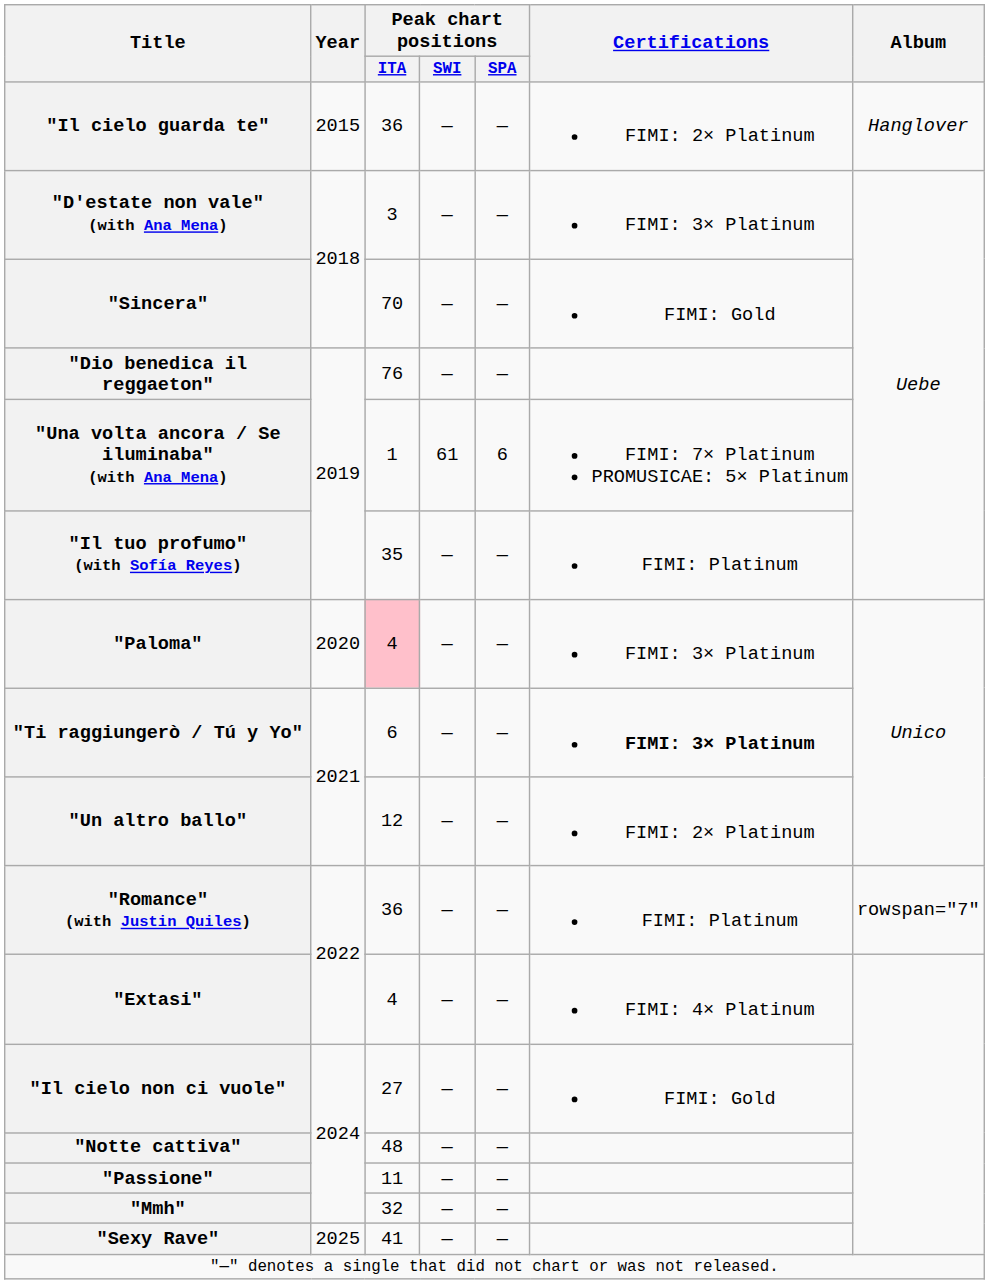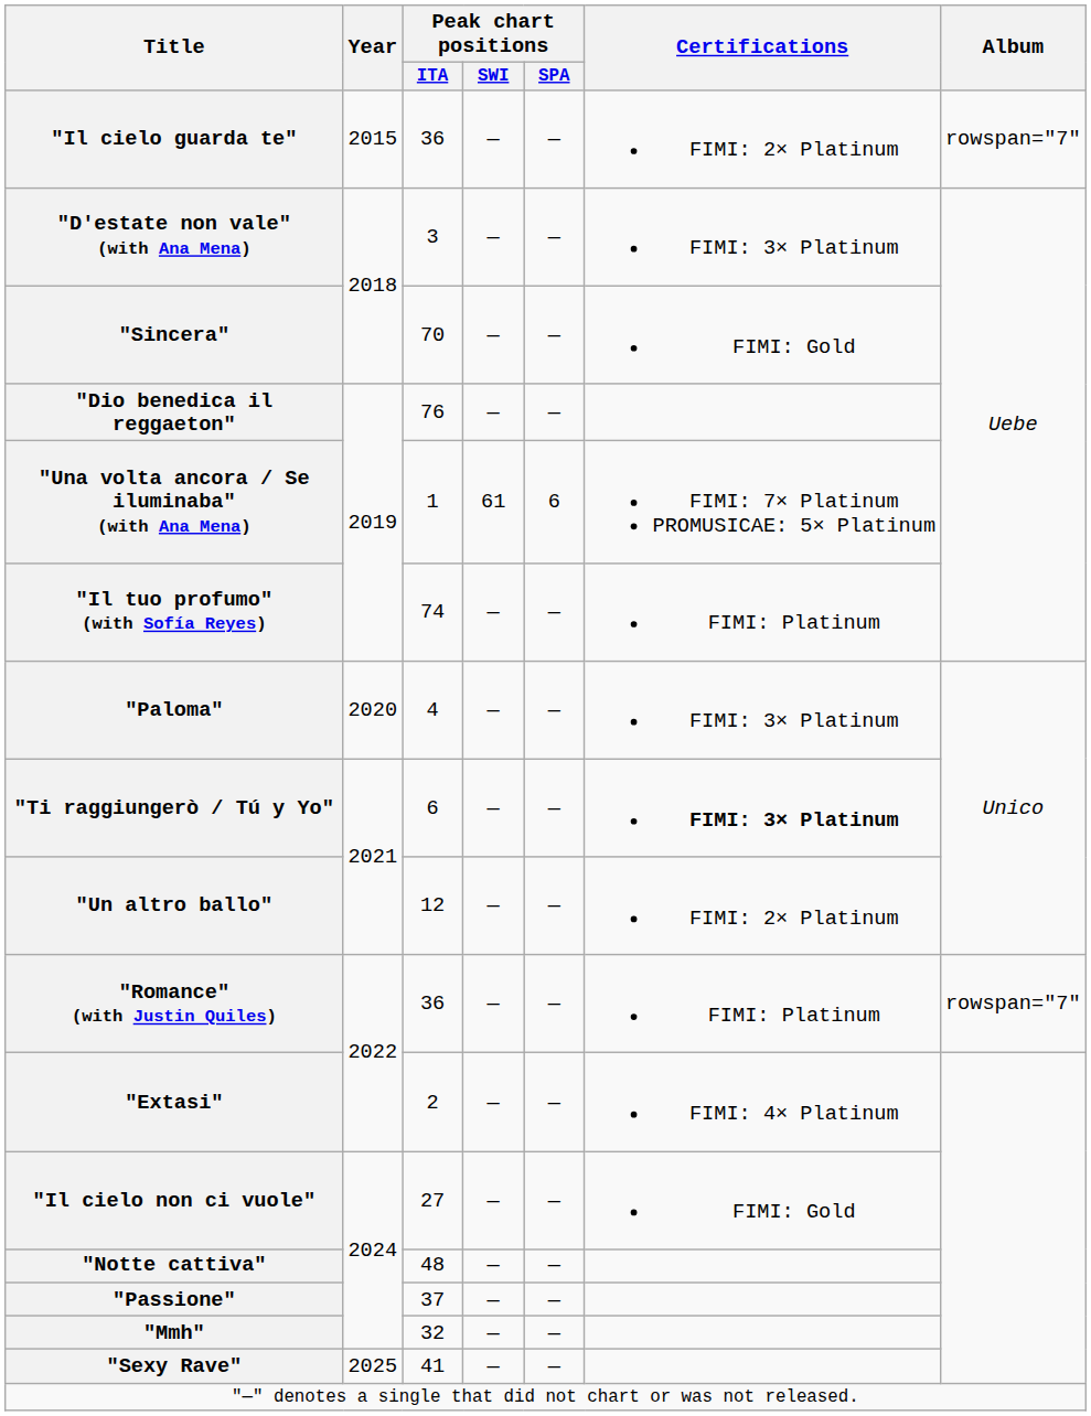 <table class="wikitable plainrowheaders" style="text-align:center;">
 <tr>
 <th scope="col" rowspan="2" style="width:16em;">Title</th>
 <th scope="col" rowspan="2" style="width:1em;">Year</th>
 <th scope="col" colspan="3">Peak chart positions</th>
 <th scope="col" rowspan="2"><a href='#'>Certifications</a></th>
 <th scope="col" rowspan="2">Album</th>
 </tr>
 <tr>
 <th scope="col" style="width:3em;font-size:85%;"><a href='#'>ITA</a><br></th>
 <th scope="col" style="width:3em;font-size:85%;"><a href='#'>SWI</a><br></th>
 <th scope="col" style="width:3em;font-size:85%;"><a href='#'>SPA</a><br></th>
 </tr>
 <tr>
 <th scope="row">"Il cielo guarda te"</th>
 <td rowspan="1">2015</td>
 <td>36</td>
 <td>—</td>
 <td>—</td>
 <td><br><ul><li>FIMI: 2× Platinum</li></ul></td>
-<td><em>Hanglover</em></td>
+<td>rowspan="7" </td>
 </tr>
 <tr>
 <th scope="row">"D'estate non vale"<br><small>(with <a href='#'>Ana Mena</a>)</small></th>
 <td rowspan="2">2018</td>
 <td>3</td>
 <td>—</td>
 <td>—</td>
 <td><br><ul><li>FIMI: 3× Platinum</li></ul></td>
 <td rowspan="5"><em>Uebe</em></td>
 </tr>
 <tr>
 <th scope="row">"Sincera"</th>
 <td>70</td>
 <td>—</td>
 <td>—</td>
 <td><br><ul><li>FIMI: Gold</li></ul></td>
 </tr>
 <tr>
 <th scope="row">"Dio benedica il reggaeton"<br></th>
 <td rowspan="3">2019</td>
 <td>76</td>
 <td>—</td>
 <td>—</td>
 <td></td>
 </tr>
 <tr>
 <th scope="row">"Una volta ancora / Se iluminaba"<br><small>(with <a href='#'>Ana Mena</a>)</small></th>
 <td>1</td>
 <td>61</td>
 <td>6</td>
 <td><br><ul><li>FIMI: 7× Platinum</li><li>PROMUSICAE: 5× Platinum</li></ul></td>
 </tr>
 <tr>
 <th scope="row">"Il tuo profumo"<br><small>(with <a href='#'>Sofía Reyes</a>)</small></th>
-<td>35</td>
+<td>74</td>
 <td>—</td>
 <td>—</td>
 <td><br><ul><li>FIMI: Platinum</li></ul></td>
 </tr>
 <tr>
 <th scope="row">"Paloma"<br></th>
 <td rowspan="1">2020</td>
-<td style="background: pink;">4</td>
+<td>4</td>
 <td>—</td>
 <td>—</td>
 <td><br><ul><li>FIMI: 3× Platinum</li></ul></td>
 <td rowspan="3"><em>Unico</em></td>
 </tr>
 <tr>
 <th scope="row">"Ti raggiungerò / Tú y Yo"</th>
 <td rowspan="2">2021</td>
 <td>6</td>
 <td>—</td>
 <td>—</td>
 <td><strong><br><ul><li>FIMI: 3× Platinum</li></ul></strong></td>
 </tr>
 <tr>
 <th scope="row">"Un altro ballo"<br></th>
 <td>12</td>
 <td>—</td>
 <td>—</td>
 <td><br><ul><li>FIMI: 2× Platinum</li></ul></td>
 </tr>
 <tr>
 <th scope="row">"Romance"<br><small>(with <a href='#'>Justin Quiles</a>)</small></th>
 <td rowspan="2">2022</td>
 <td>36</td>
 <td>—</td>
 <td>—</td>
 <td><br><ul><li>FIMI: Platinum</li></ul></td>
 <td>rowspan="7" </td>
 </tr>
 <tr>
 <th scope="row">"Extasi"</th>
-<td>4</td>
+<td>2</td>
 <td>—</td>
 <td>—</td>
 <td><br><ul><li>FIMI: 4× Platinum</li></ul></td>
 </tr>
 <tr>
 <th scope="row">"Il cielo non ci vuole"</th>
 <td rowspan="4">2024</td>
 <td>27</td>
 <td>—</td>
 <td>—</td>
 <td><br><ul><li>FIMI: Gold</li></ul></td>
 </tr>
 <tr>
 <th scope="row">"Notte cattiva"<br></th>
 <td>48<br></td>
 <td>—</td>
 <td>—</td>
 <td></td>
 </tr>
 <tr>
 <th scope="row">"Passione"</th>
-<td>11<br></td>
+<td>37<br></td>
 <td>—</td>
 <td>—</td>
 <td></td>
 </tr>
 <tr>
 <th scope="row">"Mmh"<br></th>
 <td>32<br></td>
 <td>—</td>
 <td>—</td>
 <td></td>
 </tr>
 <tr>
 <th scope="row">"Sexy Rave"<br></th>
 <td>2025</td>
 <td>41<br></td>
 <td>—</td>
 <td>—</td>
 <td></td>
 </tr>
 <tr>
 <td colspan="20" style="font-size:85%;">"—" denotes a single that did not chart or was not released.</td>
 </tr>
 </table>
